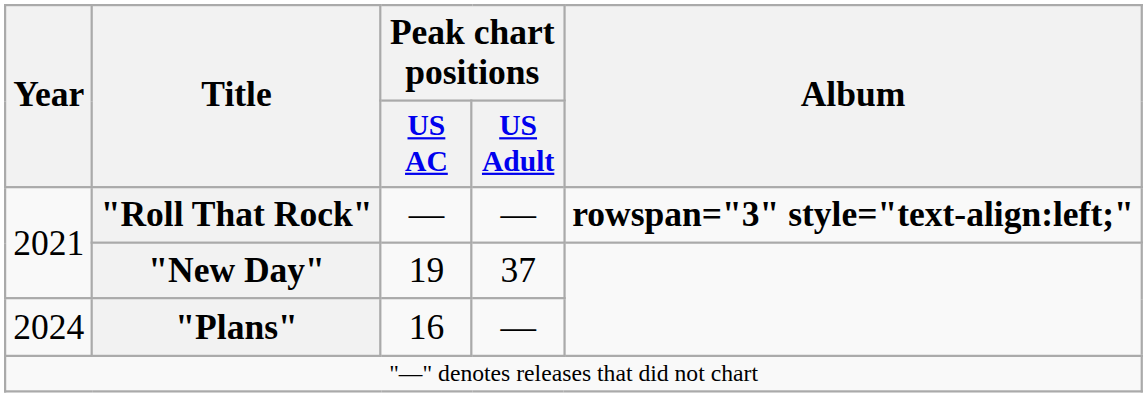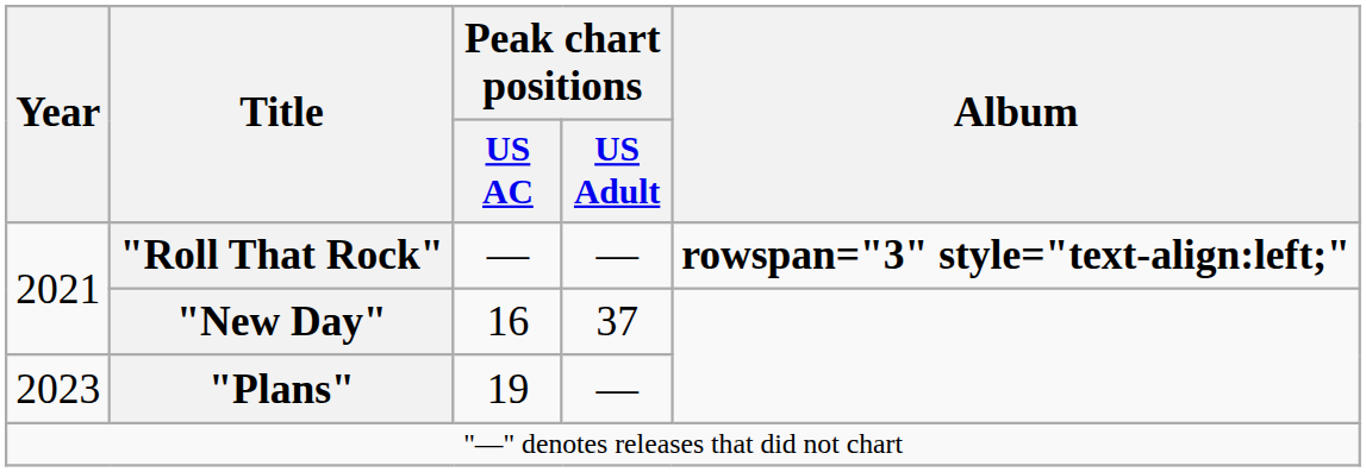 <table class="wikitable plainrowheaders" style="text-align:center;">
 <tr>
 <th rowspan="2">Year</th>
 <th rowspan="2">Title</th>
 <th colspan="2">Peak chart<br>positions</th>
 <th rowspan="2">Album</th>
 </tr>
 <tr style="font-size:smaller;">
 <th style="width:35px;"><a href='#'>US<br>AC</a><br></th>
 <th style="width:35px;"><a href='#'>US Adult</a><br></th>
 </tr>
 <tr>
 <td rowspan="2">2021</td>
 <th scope="row">"Roll That Rock"<br></th>
 <td>—</td>
 <td>—</td>
 <td><strong>rowspan="3" style="text-align:left;" </strong></td>
 </tr>
 <tr>
 <th scope="row">"New Day"<br></th>
-<td>19</td>
+<td>16</td>
 <td>37</td>
 </tr>
 <tr>
-<td>2024</td>
+<td>2023</td>
 <th scope="row">"Plans"<br></th>
-<td>16</td>
+<td>19</td>
 <td>—</td>
 </tr>
 <tr>
 <td colspan="5" style="font-size:8pt">"—" denotes releases that did not chart</td>
 </tr>
 </table>
